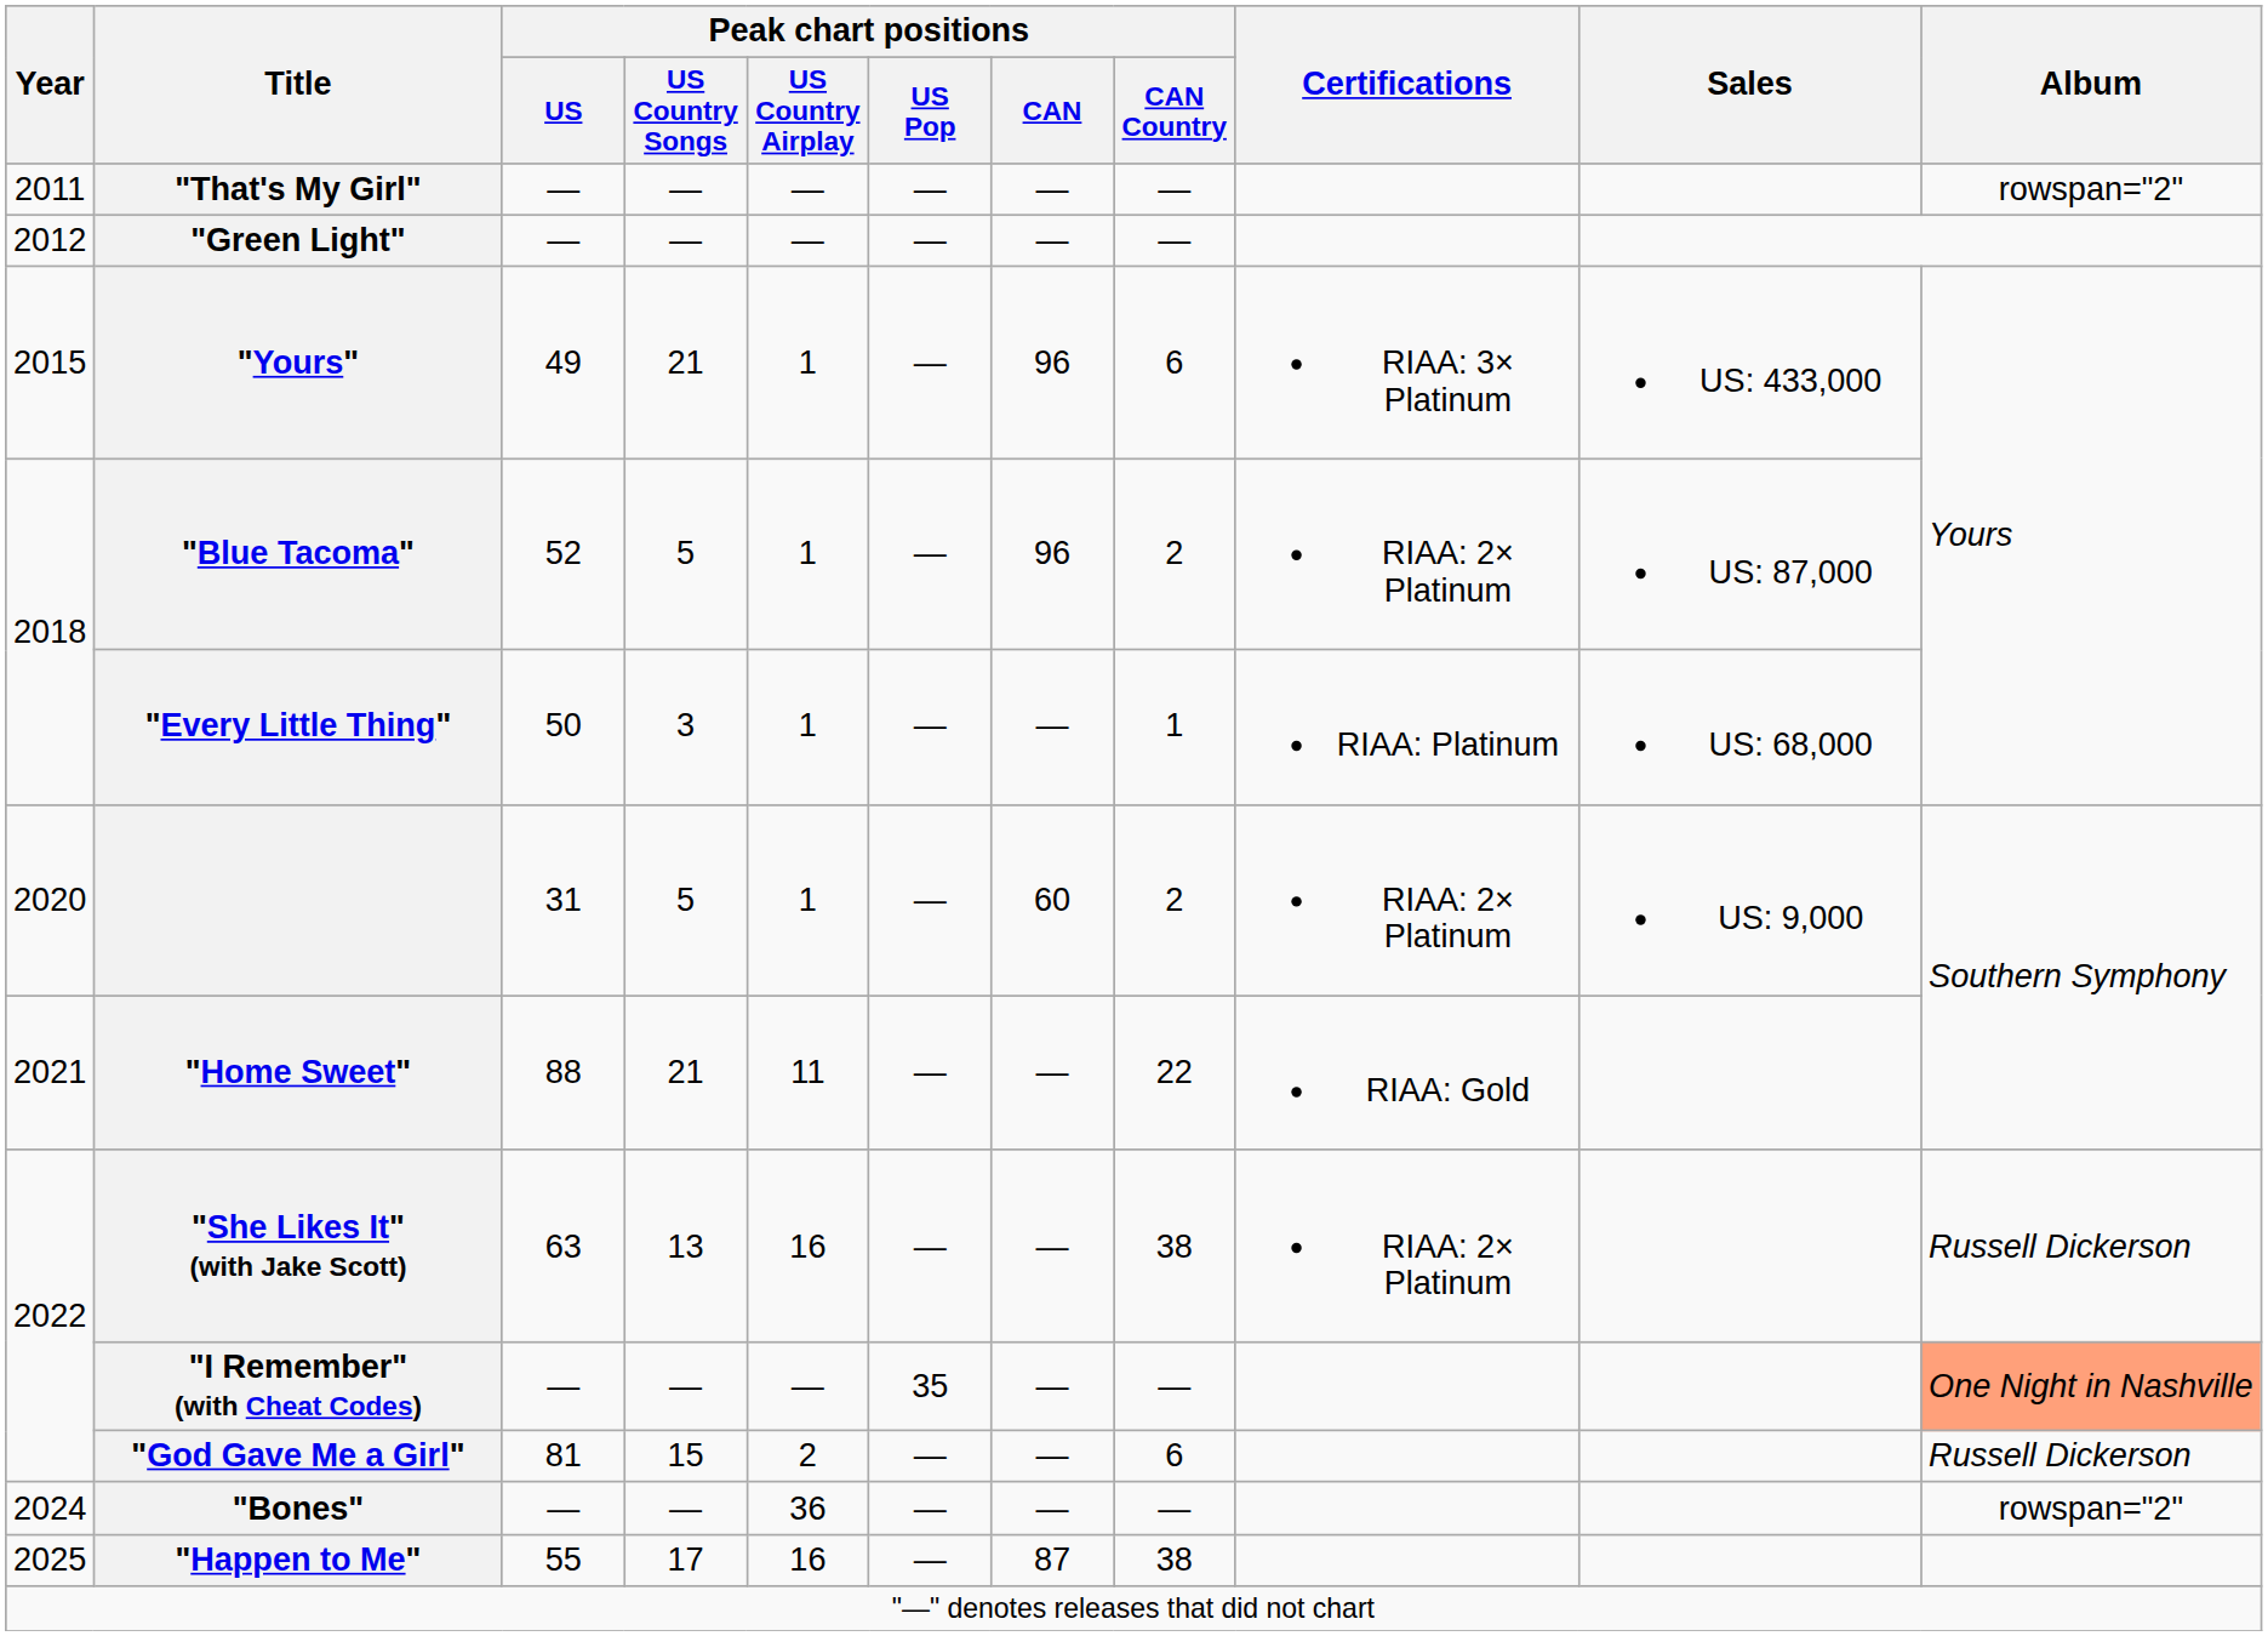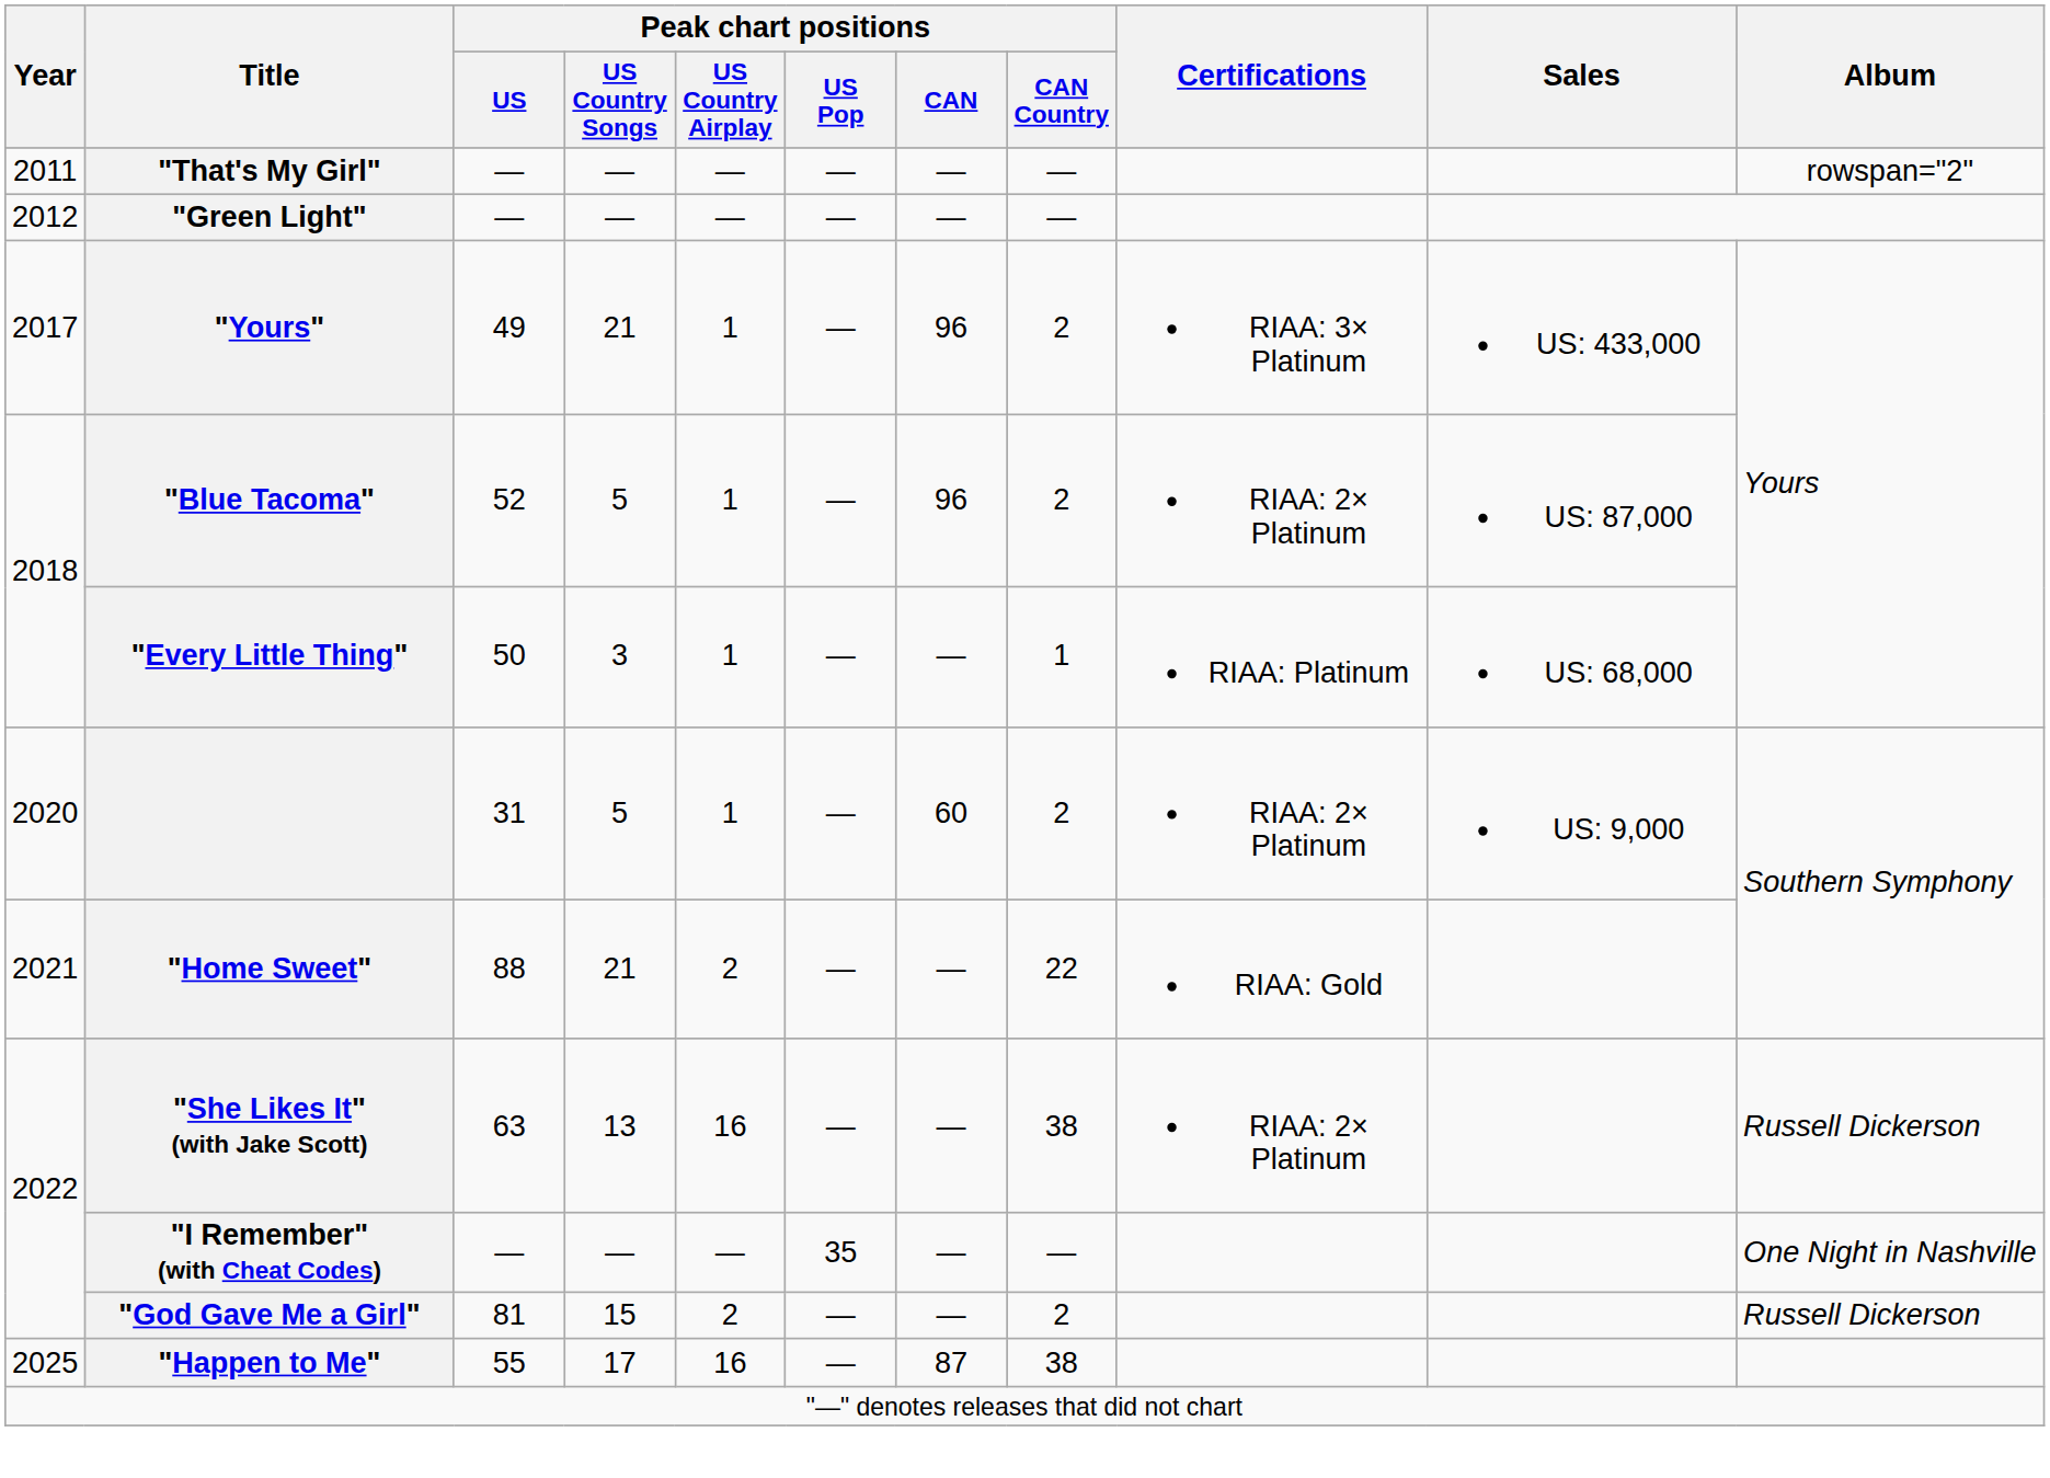 <table class="wikitable plainrowheaders" style="text-align:center;">
 <tr>
 <th scope="col" rowspan="2">Year</th>
 <th scope="col" rowspan="2" style="width:12em;">Title</th>
 <th scope="col" colspan="6">Peak chart positions</th>
 <th scope="col" rowspan="2" style="width:10em;"><a href='#'>Certifications</a></th>
 <th scope="col" rowspan="2" style="width:10em;">Sales</th>
 <th scope="col" rowspan="2">Album</th>
 </tr>
 <tr style="font-size:smaller;">
 <th scope="col" style="width:4em;"><a href='#'>US</a><br></th>
 <th scope="col" style="width:4em;"><a href='#'>US Country<br>Songs</a><br></th>
 <th scope="col" style="width:4em;"><a href='#'>US Country<br>Airplay</a><br></th>
 <th scope="col" style="width:4em;"><a href='#'>US<br>Pop</a><br></th>
 <th scope="col" style="width:4em;"><a href='#'>CAN</a><br></th>
 <th scope="col" style="width:4em;"><a href='#'>CAN Country</a><br></th>
 </tr>
 <tr>
 <td>2011</td>
 <th scope="row">"That's My Girl"</th>
 <td>—</td>
 <td>—</td>
 <td>—</td>
 <td>—</td>
 <td>—</td>
 <td>—</td>
 <td></td>
 <td></td>
 <td>rowspan="2" </td>
 </tr>
 <tr>
 <td>2012</td>
 <th scope="row">"Green Light"</th>
 <td>—</td>
 <td>—</td>
 <td>—</td>
 <td>—</td>
 <td>—</td>
 <td>—</td>
 <td></td>
 </tr>
 <tr>
-<td>2015</td>
+<td>2017</td>
 <th scope="row">"<a href='#'>Yours</a>"</th>
 <td>49</td>
 <td>21</td>
 <td>1</td>
 <td>—</td>
 <td>96</td>
-<td>6</td>
+<td>2</td>
 <td><br><ul><li>RIAA: 3× Platinum</li></ul></td>
 <td><br><ul><li>US: 433,000</li></ul></td>
 <td align="left" rowspan="3"><em>Yours</em></td>
 </tr>
 <tr>
 <td rowspan="2">2018</td>
 <th scope="row">"<a href='#'>Blue Tacoma</a>"</th>
 <td>52</td>
 <td>5</td>
 <td>1</td>
 <td>—</td>
 <td>96</td>
 <td>2</td>
 <td><br><ul><li>RIAA: 2× Platinum</li></ul></td>
 <td><br><ul><li>US: 87,000</li></ul></td>
 </tr>
 <tr>
 <th scope="row">"<a href='#'>Every Little Thing</a>"</th>
 <td>50</td>
 <td>3</td>
 <td>1</td>
 <td>—</td>
 <td>—</td>
 <td>1</td>
 <td><br><ul><li>RIAA: Platinum</li></ul></td>
 <td><br><ul><li>US: 68,000</li></ul></td>
 </tr>
 <tr>
 <td>2020</td>
 <th scope="row"></th>
 <td>31</td>
 <td>5</td>
 <td>1</td>
 <td>—</td>
 <td>60</td>
 <td>2</td>
 <td><br><ul><li>RIAA: 2× Platinum</li></ul></td>
 <td><br><ul><li>US: 9,000</li></ul></td>
 <td align="left" rowspan="2"><em>Southern Symphony</em></td>
 </tr>
 <tr>
 <td>2021</td>
 <th scope="row">"<a href='#'>Home Sweet</a>"</th>
 <td>88</td>
 <td>21</td>
-<td>11</td>
+<td>2</td>
 <td>—</td>
 <td>—</td>
 <td>22</td>
 <td><br><ul><li>RIAA: Gold</li></ul></td>
 <td></td>
 </tr>
 <tr>
 <td rowspan="3">2022</td>
 <th scope="row">"<a href='#'>She Likes It</a>"<br><small>(with Jake Scott)</small></th>
 <td>63</td>
 <td>13</td>
 <td>16</td>
 <td>—</td>
 <td>—</td>
 <td>38</td>
 <td><br><ul><li>RIAA: 2× Platinum</li></ul></td>
 <td></td>
 <td align="left"><em>Russell Dickerson</em></td>
 </tr>
 <tr>
 <th scope="row">"I Remember"<br><small>(with <a href='#'>Cheat Codes</a>)</small></th>
 <td>—</td>
 <td>—</td>
 <td>—</td>
 <td>35</td>
 <td>—</td>
 <td>—</td>
 <td></td>
 <td></td>
-<td align="left" style="background: lightsalmon;"><em>One Night in Nashville</em></td>
+<td align="left"><em>One Night in Nashville</em></td>
 </tr>
 <tr>
 <th scope="row">"<a href='#'>God Gave Me a Girl</a>"</th>
 <td>81</td>
 <td>15</td>
 <td>2</td>
 <td>—</td>
 <td>—</td>
-<td>6</td>
+<td>2</td>
 <td></td>
 <td></td>
 <td align="left"><em>Russell Dickerson</em></td>
-</tr>
-<tr>
-<td>2024</td>
-<th scope="row">"Bones"</th>
-<td>—</td>
-<td>—</td>
-<td>36</td>
-<td>—</td>
-<td>—</td>
-<td>—</td>
-<td></td>
-<td></td>
-<td>rowspan="2" </td>
 </tr>
 <tr>
 <td>2025</td>
 <th scope="row">"<a href='#'>Happen to Me</a>"</th>
 <td>55</td>
 <td>17</td>
 <td>16</td>
 <td>—</td>
 <td>87</td>
 <td>38</td>
 <td></td>
 <td></td>
 </tr>
 <tr>
 <td colspan="11" style="font-size:85%">"—" denotes releases that did not chart</td>
 </tr>
 </table>
